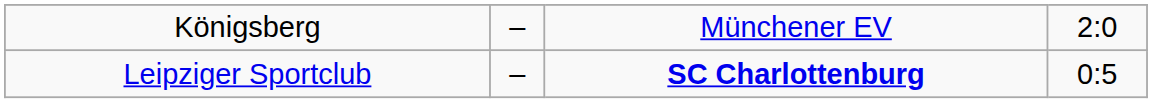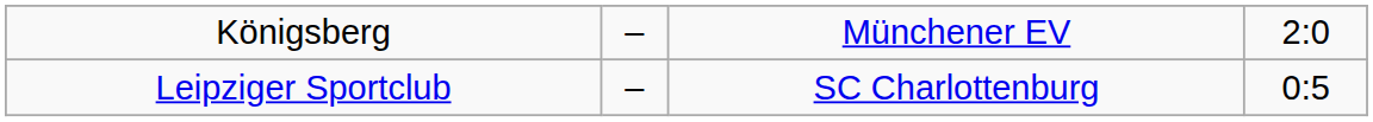 <table class="wikitable" width="50%">
 <tr align="center">
 <td>Königsberg</td>
 <td>–</td>
 <td><a href='#'>Münchener EV</a></td>
 <td>2:0</td>
 </tr>
 <tr align="center">
 <td><a href='#'>Leipziger Sportclub</a></td>
 <td>–</td>
-<td><strong><a href='#'>SC Charlottenburg</a></strong></td>
+<td><a href='#'>SC Charlottenburg</a></td>
 <td>0:5</td>
 </tr>
 </table>
